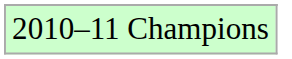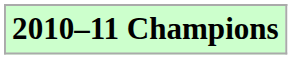 <table class="wikitable">
 <tr>
 </tr>
 <tr width=10px bgcolor="#ccffcc">
-<td>2010–11 Champions</td>
+<td><strong>2010–11 Champions</strong></td>
 </tr>
 </table>
